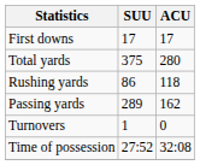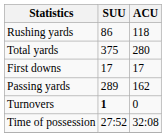 <table class="wikitable">
 <tr>
 <th>Statistics</th>
 <th>SUU</th>
 <th>ACU</th>
 </tr>
 <tr>
-<td>First downs</td>
-<td>17</td>
-<td>17</td>
+<td>Rushing yards</td>
+<td>86</td>
+<td>118</td>
 </tr>
 <tr>
 <td>Total yards</td>
 <td>375</td>
 <td>280</td>
 </tr>
 <tr>
-<td>Rushing yards</td>
-<td>86</td>
-<td>118</td>
+<td>First downs</td>
+<td>17</td>
+<td>17</td>
 </tr>
 <tr>
 <td>Passing yards</td>
 <td>289</td>
 <td>162</td>
 </tr>
 <tr>
 <td>Turnovers</td>
-<td>1</td>
+<td><strong>1</strong></td>
 <td>0</td>
 </tr>
 <tr>
 <td>Time of possession</td>
 <td>27:52</td>
 <td>32:08</td>
 </tr>
 <tr>
 </tr>
 </table>
